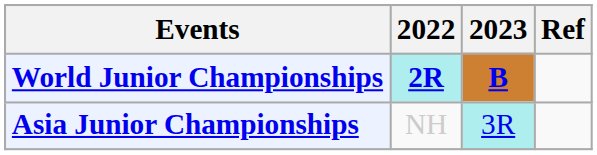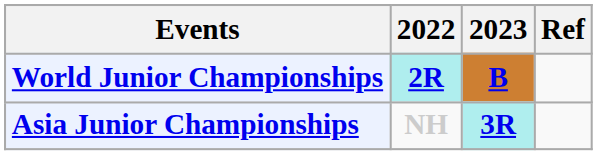 <table style='font-size: 90%; text-align:center;' class='wikitable'>
 <tr>
 <th>Events</th>
 <th>2022</th>
 <th>2023</th>
 <th>Ref</th>
 </tr>
 <tr>
 <td bgcolor="#ECF2FF"; align="left"><strong><a href='#'>World Junior Championships</a></strong></td>
 <td bgcolor=AFEEEE><strong><a href='#'>2R</a></strong></td>
 <td bgcolor=CD7F32><a href='#'><strong>B</strong></a></td>
 <td></td>
 </tr>
 <tr>
 <td bgcolor="#ECF2FF"; align="left"><strong><a href='#'>Asia Junior Championships</a></strong></td>
-<td style=color:#ccc>NH</td>
-<td bgcolor=AFEEEE><a href='#'>3R</a></td>
+<td style=color:#ccc><strong>NH</strong></td>
+<td bgcolor=AFEEEE><strong><a href='#'>3R</a></strong></td>
 </tr>
 </table>
